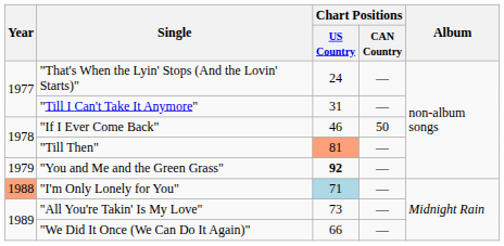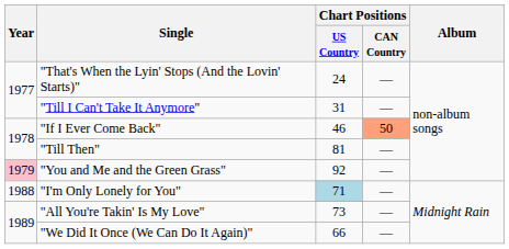 <table class="wikitable">
 <tr>
 <th rowspan="2">Year</th>
 <th rowspan="2">Single</th>
 <th colspan="2">Chart Positions</th>
 <th rowspan="2">Album</th>
 </tr>
 <tr>
 <th width="50"><small><a href='#'>US Country</a></small></th>
 <th width="50"><small>CAN Country</small></th>
 </tr>
 <tr>
 <td rowspan=2>1977</td>
 <td>"That's When the Lyin' Stops (And the Lovin' Starts)"</td>
 <td align=center>24</td>
 <td align=center>—</td>
 <td rowspan=5>non-album songs</td>
 </tr>
 <tr>
 <td>"<a href='#'>Till I Can't Take It Anymore</a>"</td>
 <td align=center>31</td>
 <td align=center>—</td>
 </tr>
 <tr>
 <td rowspan=2>1978</td>
 <td>"If I Ever Come Back"</td>
 <td align=center>46</td>
-<td align=center>50</td>
+<td align=center style="background: lightsalmon;">50</td>
 </tr>
 <tr>
 <td>"Till Then"</td>
-<td align=center style="background: lightsalmon;">81</td>
+<td align=center>81</td>
 <td align=center>—</td>
 </tr>
 <tr>
-<td>1979</td>
+<td style="background: pink;">1979</td>
 <td>"You and Me and the Green Grass"</td>
-<td align=center><strong>92</strong></td>
+<td align=center>92</td>
 <td align=center>—</td>
 </tr>
 <tr>
-<td style="background: lightsalmon;">1988</td>
+<td>1988</td>
 <td>"I'm Only Lonely for You"</td>
 <td align=center style="background: lightblue;">71</td>
 <td align=center>—</td>
 <td rowspan=3><em>Midnight Rain</em></td>
 </tr>
 <tr>
 <td rowspan=2>1989</td>
 <td>"All You're Takin' Is My Love"</td>
 <td align=center>73</td>
 <td align=center>—</td>
 </tr>
 <tr>
 <td>"We Did It Once (We Can Do It Again)"</td>
 <td align=center>66</td>
 <td align=center>—</td>
 </tr>
 </table>
